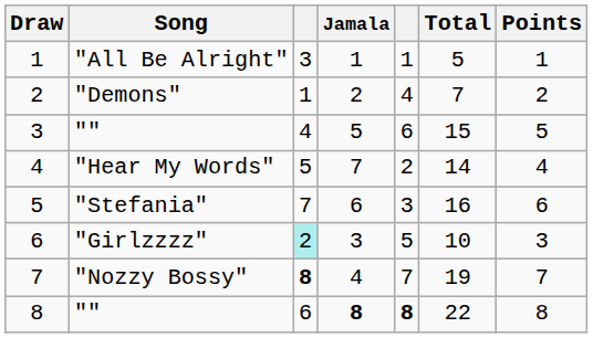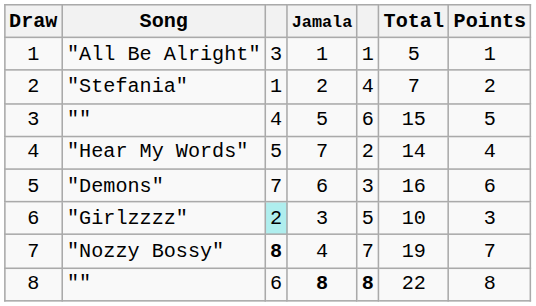 <table class="wikitable collapsible" style="margin: 1em auto 1em auto; text-align:center;">
 <tr>
 <th scope="col">Draw</th>
 <th scope="col">Song</th>
 <th><small></small></th>
 <th><small>Jamala</small></th>
 <th><small></small></th>
 <th>Total</th>
 <th>Points</th>
 </tr>
 <tr>
 <td>1</td>
 <td align="left">"All Be Alright"</td>
 <td>3</td>
 <td>1</td>
 <td>1</td>
 <td>5</td>
 <td>1</td>
 </tr>
 <tr>
 <td>2</td>
-<td align="left">"Demons"</td>
+<td align="left">"Stefania"</td>
 <td>1</td>
 <td>2</td>
 <td>4</td>
 <td>7</td>
 <td>2</td>
 </tr>
 <tr>
 <td>3</td>
 <td align="left">""</td>
 <td>4</td>
 <td>5</td>
 <td>6</td>
 <td>15</td>
 <td>5</td>
 </tr>
 <tr>
 <td>4</td>
 <td align="left">"Hear My Words"</td>
 <td>5</td>
 <td>7</td>
 <td>2</td>
 <td>14</td>
 <td>4</td>
 </tr>
 <tr>
 <td>5</td>
-<td align="left">"Stefania"</td>
+<td align="left">"Demons"</td>
 <td>7</td>
 <td>6</td>
 <td>3</td>
 <td>16</td>
 <td>6</td>
 </tr>
 <tr>
 <td>6</td>
 <td align="left">"Girlzzzz"</td>
 <td style="background: paleturquoise;">2</td>
 <td>3</td>
 <td>5</td>
 <td>10</td>
 <td>3</td>
 </tr>
 <tr>
 <td>7</td>
 <td align="left">"Nozzy Bossy"</td>
 <td><strong>8</strong></td>
 <td>4</td>
 <td>7</td>
 <td>19</td>
 <td>7</td>
 </tr>
 <tr>
 <td>8</td>
 <td align="left">""</td>
 <td>6</td>
 <td><strong>8</strong></td>
 <td><strong>8</strong></td>
 <td>22</td>
 <td>8</td>
 </tr>
 </table>
